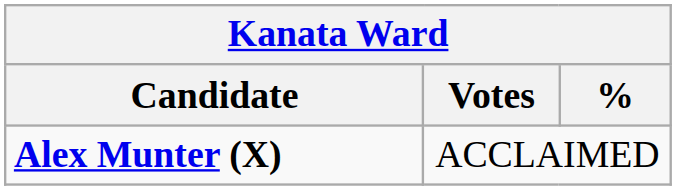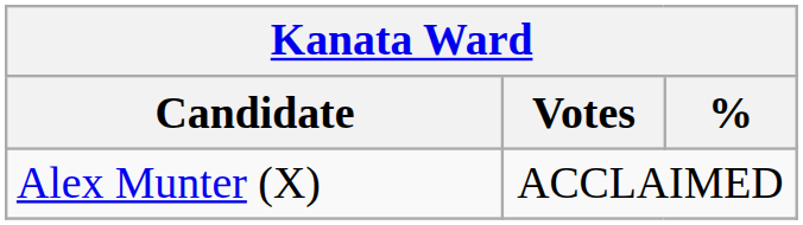 <table class="wikitable">
 <tr>
 <th colspan="3"><a href='#'>Kanata Ward</a></th>
 </tr>
 <tr>
 <th style="width: 170px">Candidate</th>
 <th style="width: 50px">Votes</th>
 <th style="width: 40px">%</th>
 </tr>
 <tr>
-<td><strong><a href='#'>Alex Munter</a> (X)</strong></td>
+<td><a href='#'>Alex Munter</a> (X)</td>
 <td colspan="2" align="center">ACCLAIMED</td>
 </tr>
 </table>
